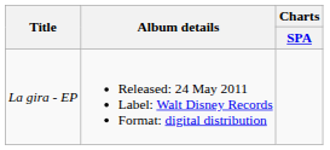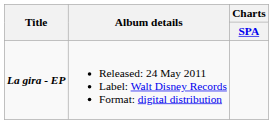 <table class="wikitable">
 <tr>
 <th rowspan="2">Title</th>
 <th rowspan="2">Album details</th>
 <th>Charts</th>
 </tr>
 <tr>
 <th><a href='#'>SPA</a></th>
 </tr>
 <tr>
-<td><em>La gira - EP</em></td>
+<td><strong><em>La gira - EP</em></strong></td>
 <td><br><ul><li>Released: 24 May 2011</li><li>Label: <a href='#'>Walt Disney Records</a></li><li>Format: <a href='#'>digital distribution</a></li></ul></td>
 </tr>
 </table>
